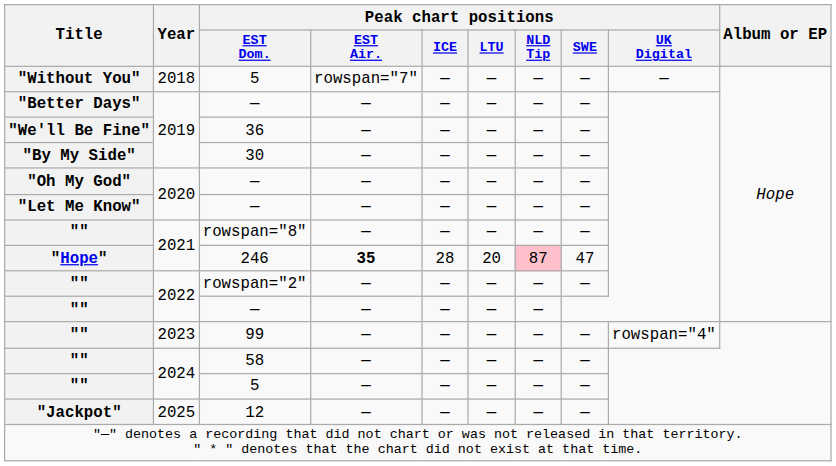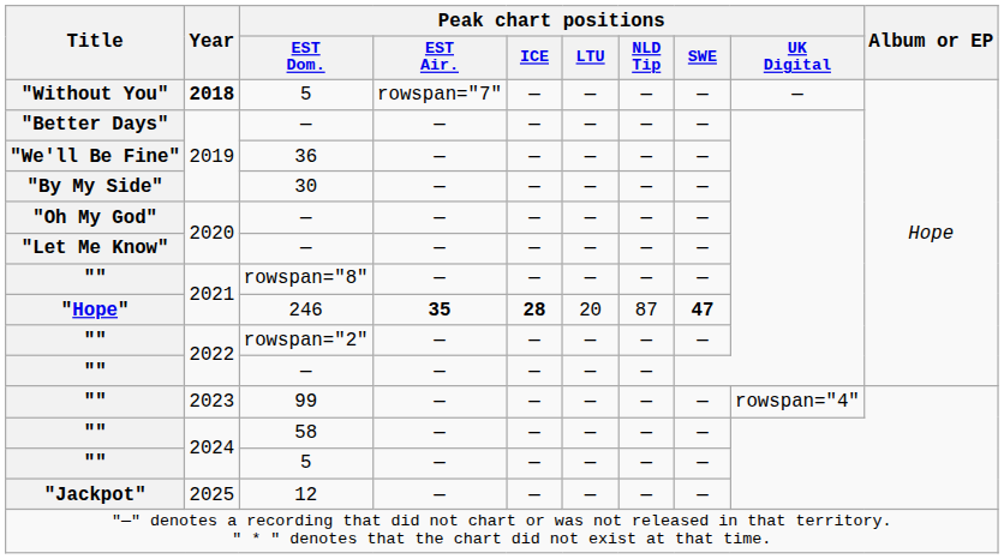 <table class="wikitable plainrowheaders" style="text-align:center;">
 <tr>
 <th scope="col" rowspan="2">Title</th>
 <th scope="col" rowspan="2">Year</th>
 <th scope="col" colspan="7">Peak chart positions</th>
 <th scope="col" rowspan="2">Album or EP</th>
 </tr>
 <tr>
 <th scope="col" style="width:3em;font-size:85%;"><a href='#'>EST<br>Dom.</a><br></th>
 <th scope="col" style="width:3em;font-size:85%;"><a href='#'>EST<br>Air.</a><br></th>
 <th scope="col" style="width:3em;font-size:85%;"><a href='#'>ICE</a><br></th>
 <th scope="col" style="width:3em;font-size:85%;"><a href='#'>LTU</a><br></th>
 <th scope="col" style="width:3em;font-size:85%;"><a href='#'>NLD<br>Tip</a><br></th>
 <th scope="col" style="width:3em;font-size:85%;"><a href='#'>SWE</a><br></th>
 <th scope="col" style="width:3em;font-size:85%;"><a href='#'>UK<br>Digital</a><br></th>
 </tr>
 <tr>
 <th scope="row">"Without You"</th>
-<td>2018</td>
+<td><strong>2018</strong></td>
 <td>5</td>
 <td>rowspan="7" </td>
 <td>—</td>
 <td>—</td>
 <td>—</td>
 <td>—</td>
 <td>—</td>
 <td rowspan="10"><em>Hope</em></td>
 </tr>
 <tr>
 <th scope="row">"Better Days"</th>
 <td rowspan="3">2019</td>
 <td>—</td>
 <td>—</td>
 <td>—</td>
 <td>—</td>
 <td>—</td>
 <td>—</td>
 </tr>
 <tr>
 <th scope="row">"We'll Be Fine"</th>
 <td>36</td>
 <td>—</td>
 <td>—</td>
 <td>—</td>
 <td>—</td>
 <td>—</td>
 </tr>
 <tr>
 <th scope="row">"By My Side"</th>
 <td>30</td>
 <td>—</td>
 <td>—</td>
 <td>—</td>
 <td>—</td>
 <td>—</td>
 </tr>
 <tr>
 <th scope="row">"Oh My God"</th>
 <td rowspan="2">2020</td>
 <td>—</td>
 <td>—</td>
 <td>—</td>
 <td>—</td>
 <td>—</td>
 <td>—</td>
 </tr>
 <tr>
 <th scope="row">"Let Me Know"</th>
 <td>—</td>
 <td>—</td>
 <td>—</td>
 <td>—</td>
 <td>—</td>
 <td>—</td>
 </tr>
 <tr>
 <th scope="row">""<br></th>
 <td rowspan="2">2021</td>
 <td>rowspan="8" </td>
 <td>—</td>
 <td>—</td>
 <td>—</td>
 <td>—</td>
 <td>—</td>
 </tr>
 <tr>
 <th scope="row">"<a href='#'>Hope</a>"</th>
 <td>246</td>
 <td><strong>35</strong></td>
-<td>28</td>
+<td><strong>28</strong></td>
 <td>20</td>
-<td style="background: pink;">87</td>
-<td>47</td>
+<td>87</td>
+<td><strong>47</strong></td>
 </tr>
 <tr>
 <th scope="row">""</th>
 <td rowspan="2">2022</td>
 <td>rowspan="2" </td>
 <td>—</td>
 <td>—</td>
 <td>—</td>
 <td>—</td>
 <td>—</td>
 </tr>
 <tr>
 <th scope="row">""</th>
 <td>—</td>
 <td>—</td>
 <td>—</td>
 <td>—</td>
 <td>—</td>
 </tr>
 <tr>
 <th scope="row">""</th>
 <td>2023</td>
 <td>99</td>
 <td>—</td>
 <td>—</td>
 <td>—</td>
 <td>—</td>
 <td>—</td>
 <td>rowspan="4" </td>
 </tr>
 <tr>
 <th scope="row">""</th>
 <td rowspan="2">2024</td>
 <td>58</td>
 <td>—</td>
 <td>—</td>
 <td>—</td>
 <td>—</td>
 <td>—</td>
 </tr>
 <tr>
 <th scope="row">""<br></th>
 <td>5</td>
 <td>—</td>
 <td>—</td>
 <td>—</td>
 <td>—</td>
 <td>—</td>
 </tr>
 <tr>
 <th scope="row">"Jackpot"<br></th>
 <td>2025</td>
 <td>12</td>
 <td>—</td>
 <td>—</td>
 <td>—</td>
 <td>—</td>
 <td>—</td>
 </tr>
 <tr>
 <td colspan="10" style="font-size:85%">"—" denotes a recording that did not chart or was not released in that territory.<br>" * " denotes that the chart did not exist at that time.</td>
 </tr>
 </table>
